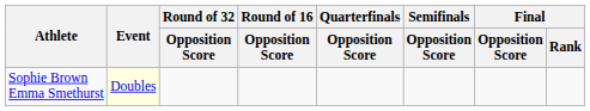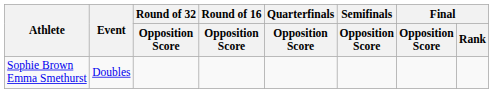 <table class="wikitable" border="1" style="font-size:90%">
 <tr>
 <th rowspan=2>Athlete</th>
 <th rowspan=2>Event</th>
 <th>Round of 32</th>
 <th>Round of 16</th>
 <th>Quarterfinals</th>
 <th>Semifinals</th>
 <th colspan=2>Final</th>
 </tr>
 <tr>
 <th>Opposition<br>Score</th>
 <th>Opposition<br>Score</th>
 <th>Opposition<br>Score</th>
 <th>Opposition<br>Score</th>
 <th>Opposition<br>Score</th>
 <th>Rank</th>
 </tr>
 <tr>
 <td><a href='#'>Sophie Brown</a> <br> <a href='#'>Emma Smethurst</a></td>
-<td style="background: lightyellow;"><a href='#'>Doubles</a></td>
+<td><a href='#'>Doubles</a></td>
 <td align=center></td>
 <td align=center></td>
 <td align=center></td>
 <td align=center></td>
 <td align=center></td>
 <td align=center></td>
 </tr>
 </table>
